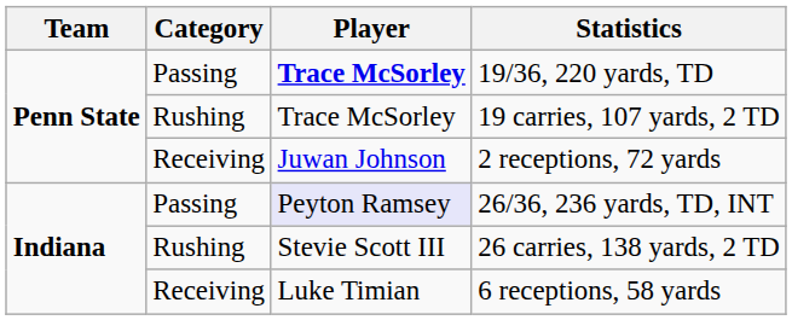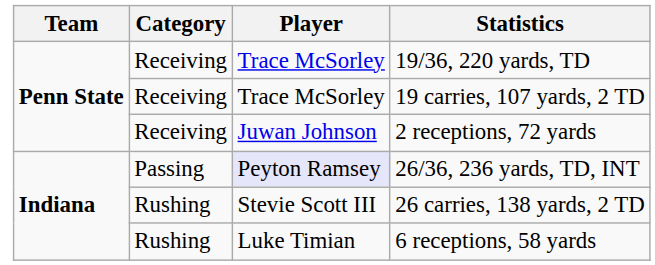 <table class="wikitable" style="float: right;">
 <tr>
 <th>Team</th>
 <th>Category</th>
 <th>Player</th>
 <th>Statistics</th>
 </tr>
 <tr>
 <td rowspan=3><strong>Penn State</strong></td>
-<td>Passing</td>
-<td><strong><a href='#'>Trace McSorley</a></strong></td>
+<td>Receiving</td>
+<td><a href='#'>Trace McSorley</a></td>
 <td>19/36, 220 yards, TD</td>
 </tr>
 <tr>
-<td>Rushing</td>
+<td>Receiving</td>
 <td>Trace McSorley</td>
 <td>19 carries, 107 yards, 2 TD</td>
 </tr>
 <tr>
 <td>Receiving</td>
 <td><a href='#'>Juwan Johnson</a></td>
 <td>2 receptions, 72 yards</td>
 </tr>
 <tr>
 <td rowspan=3><strong>Indiana</strong></td>
 <td>Passing</td>
 <td style="background: lavender;">Peyton Ramsey</td>
 <td>26/36, 236 yards, TD, INT</td>
 </tr>
 <tr>
 <td>Rushing</td>
 <td>Stevie Scott III</td>
 <td>26 carries, 138 yards, 2 TD</td>
 </tr>
 <tr>
-<td>Receiving</td>
+<td>Rushing</td>
 <td>Luke Timian</td>
 <td>6 receptions, 58 yards</td>
 </tr>
 </table>
